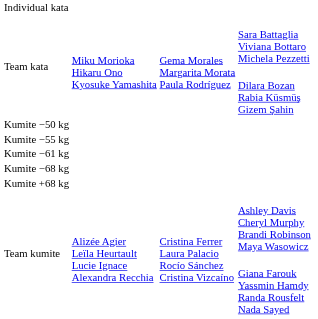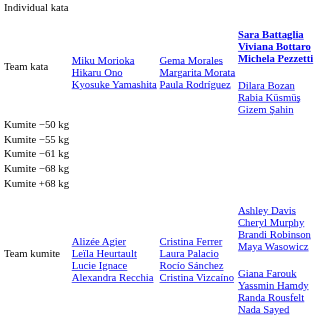 <table>
 <tr>
 <td rowspan=2>Individual kata</td>
 <td rowspan=2></td>
 <td rowspan=2></td>
 <td></td>
 </tr>
 <tr>
 <td></td>
 </tr>
 <tr>
 <td rowspan=2>Team kata</td>
 <td rowspan=2><br><a href='#'>Miku Morioka</a><br><a href='#'>Hikaru Ono</a><br><a href='#'>Kyosuke Yamashita</a></td>
 <td rowspan=2><br><a href='#'>Gema Morales</a><br><a href='#'>Margarita Morata</a><br><a href='#'>Paula Rodríguez</a></td>
-<td><br><a href='#'>Sara Battaglia</a><br><a href='#'>Viviana Bottaro</a><br><a href='#'>Michela Pezzetti</a></td>
+<td><strong><br><a href='#'>Sara Battaglia</a><br><a href='#'>Viviana Bottaro</a><br><a href='#'>Michela Pezzetti</a></strong></td>
 </tr>
 <tr>
 <td><br><a href='#'>Dilara Bozan</a><br><a href='#'>Rabia Küsmüş</a><br><a href='#'>Gizem Şahin</a></td>
 </tr>
 <tr>
 <td rowspan=2>Kumite −50 kg</td>
 <td rowspan=2></td>
 <td rowspan=2></td>
 <td></td>
 </tr>
 <tr>
 <td></td>
 </tr>
 <tr>
 <td rowspan=2>Kumite −55 kg</td>
 <td rowspan=2></td>
 <td rowspan=2></td>
 <td></td>
 </tr>
 <tr>
 <td></td>
 </tr>
 <tr>
 <td rowspan=2>Kumite −61 kg</td>
 <td rowspan=2></td>
 <td rowspan=2></td>
 <td></td>
 </tr>
 <tr>
 <td></td>
 </tr>
 <tr>
 <td rowspan=2>Kumite −68 kg</td>
 <td rowspan=2></td>
 <td rowspan=2></td>
 <td></td>
 </tr>
 <tr>
 <td></td>
 </tr>
 <tr>
 <td rowspan=2>Kumite +68 kg</td>
 <td rowspan=2></td>
 <td rowspan=2></td>
 <td></td>
 </tr>
 <tr>
 <td></td>
 </tr>
 <tr>
 <td rowspan=2>Team kumite</td>
 <td rowspan=2><br><a href='#'>Alizée Agier</a><br><a href='#'>Leïla Heurtault</a><br><a href='#'>Lucie Ignace</a><br><a href='#'>Alexandra Recchia</a></td>
 <td rowspan=2><br><a href='#'>Cristina Ferrer</a><br><a href='#'>Laura Palacio</a><br><a href='#'>Rocío Sánchez</a><br><a href='#'>Cristina Vizcaíno</a></td>
 <td><br><a href='#'>Ashley Davis</a><br><a href='#'>Cheryl Murphy</a><br><a href='#'>Brandi Robinson</a><br><a href='#'>Maya Wasowicz</a></td>
 </tr>
 <tr>
 <td><br><a href='#'>Giana Farouk</a><br><a href='#'>Yassmin Hamdy</a><br><a href='#'>Randa Rousfelt</a><br><a href='#'>Nada Sayed</a></td>
 </tr>
 </table>
